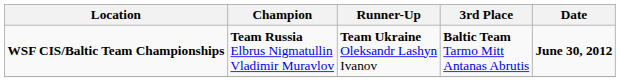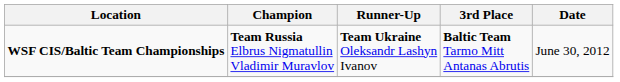 <table class="wikitable">
 <tr>
 <th>Location</th>
 <th>Champion</th>
 <th>Runner-Up</th>
 <th>3rd Place</th>
 <th>Date</th>
 </tr>
 <tr>
 <td><strong>WSF CIS/Baltic Team Championships</strong></td>
 <td><strong>Team Russia</strong><br><a href='#'>Elbrus Nigmatullin</a><br><a href='#'>Vladimir Muravlov</a></td>
 <td><strong>Team Ukraine</strong><br><a href='#'>Oleksandr Lashyn</a><br>Ivanov</td>
 <td><strong>Baltic Team</strong><br> <a href='#'>Tarmo Mitt</a><br> <a href='#'>Antanas Abrutis</a></td>
-<td><strong>June 30, 2012</strong></td>
+<td>June 30, 2012</td>
 </tr>
 <tr>
 </tr>
 </table>
